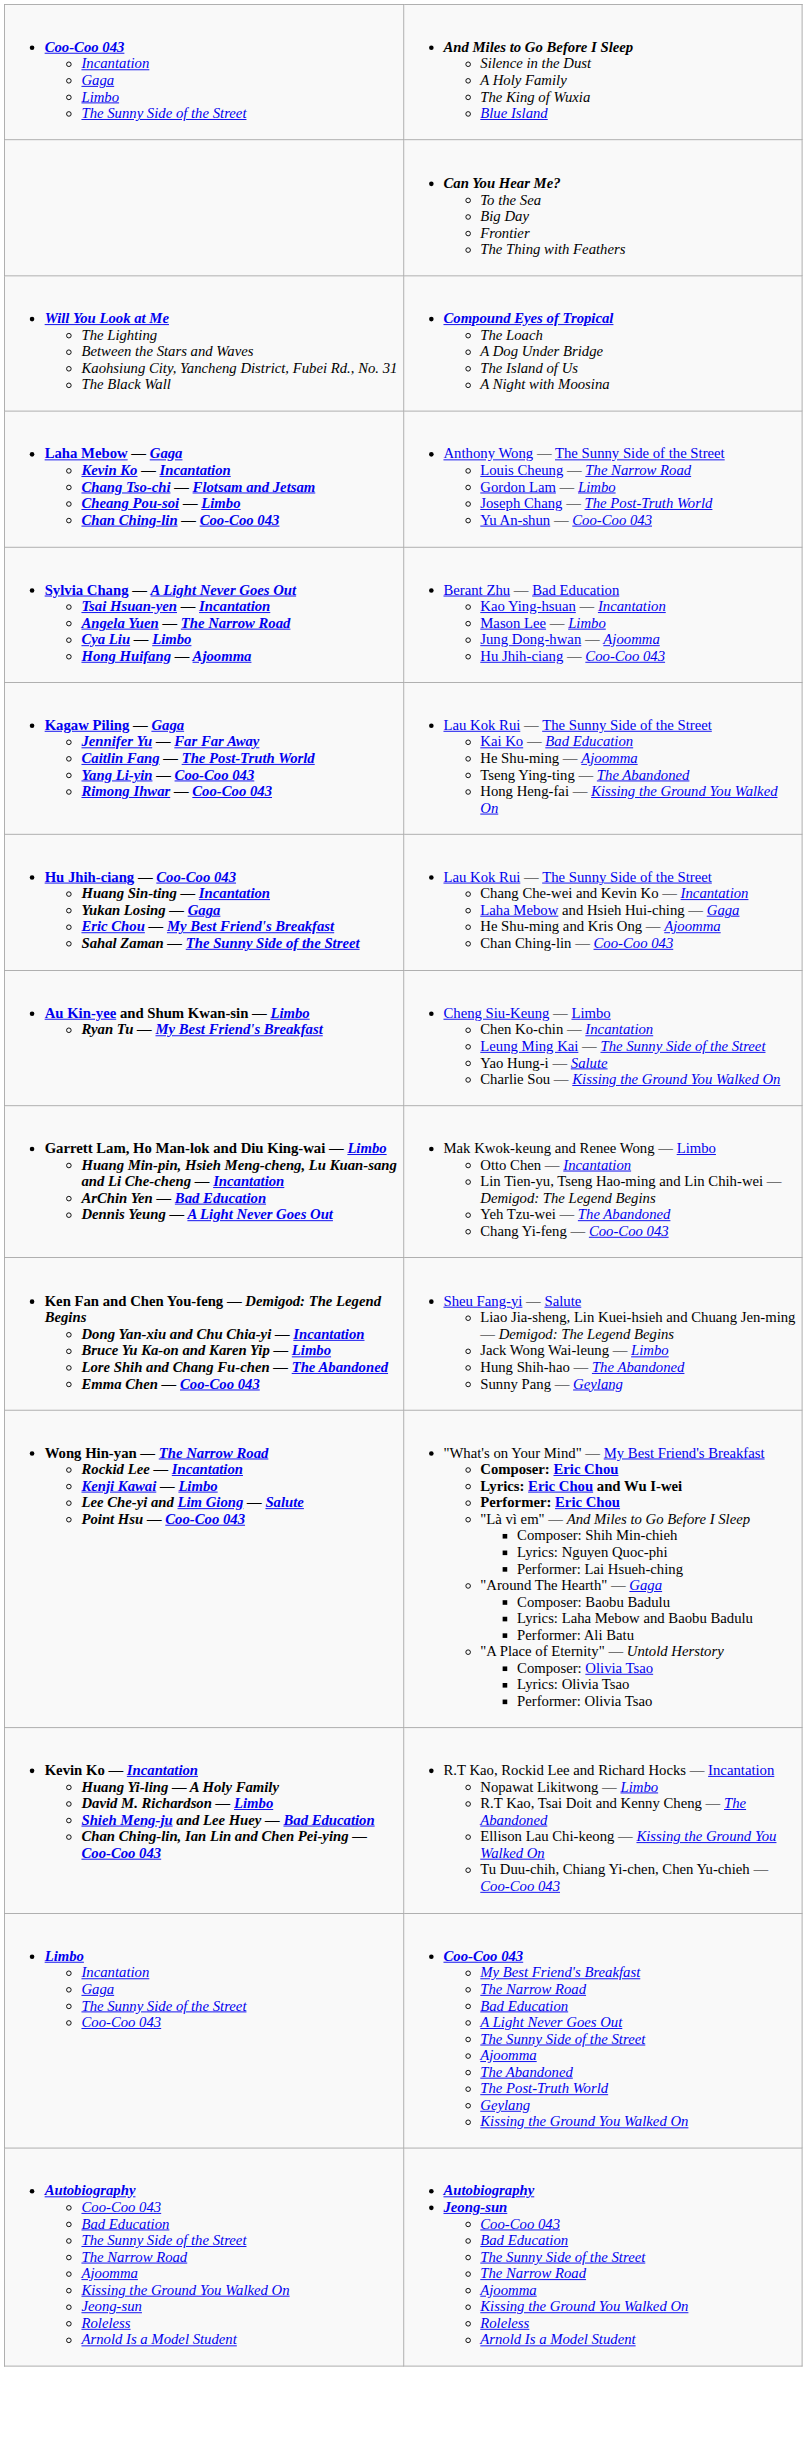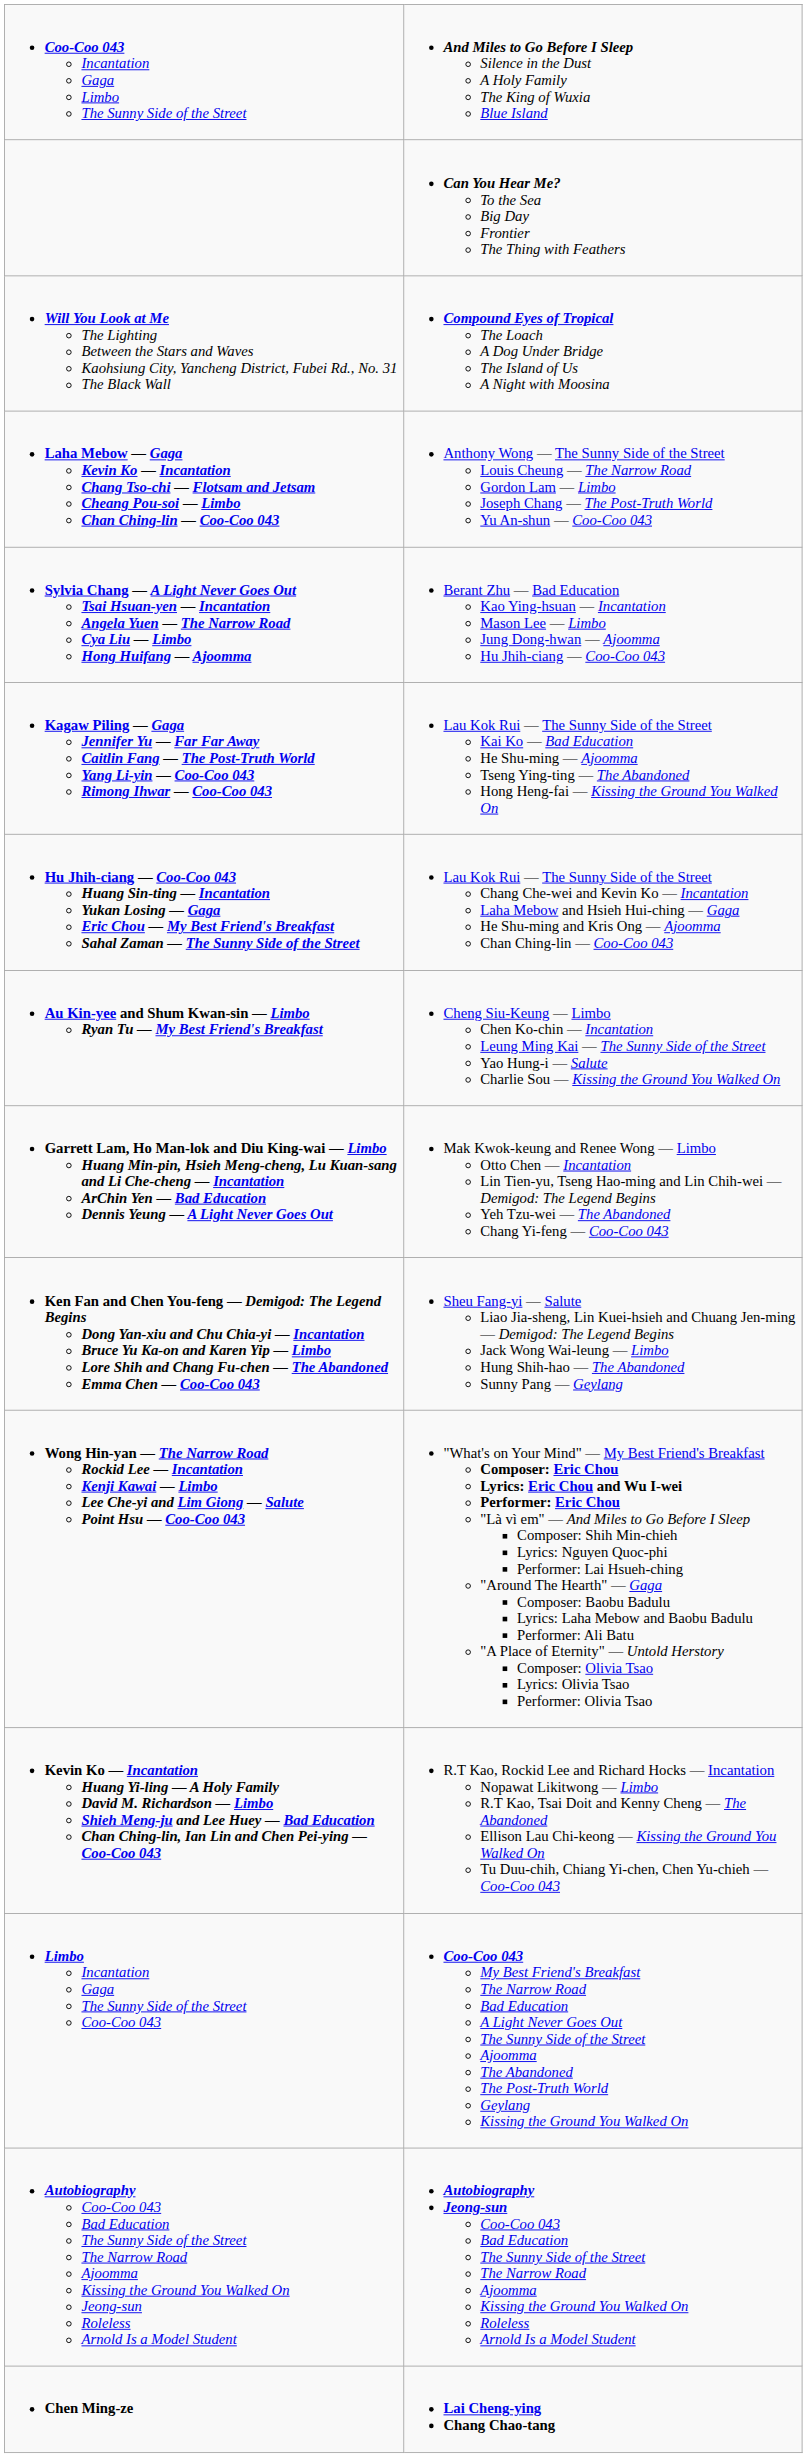 <table class=wikitable>
 <tr>
 <td valign="top" width="50%"><br><ul><li><strong><em><a href='#'>Coo-Coo 043</a></em></strong><ul><li><em><a href='#'>Incantation</a></em></li><li><em><a href='#'>Gaga</a></em></li><li><em><a href='#'>Limbo</a></em></li><li><em><a href='#'>The Sunny Side of the Street</a></em></li></ul></li></ul></td>
 <td valign="top" width="50%"><br><ul><li><strong><em>And Miles to Go Before I Sleep</em></strong><ul><li><em>Silence in the Dust</em></li><li><em>A Holy Family</em></li><li><em>The King of Wuxia</em></li><li><em><a href='#'>Blue Island</a></em></li></ul></li></ul></td>
 </tr>
 <tr>
 <td valign="top" width="50%"><br> </td>
 <td valign="top" width="50%"><br><ul><li><strong><em>Can You Hear Me?</em></strong><ul><li><em>To the Sea</em></li><li><em>Big Day</em></li><li><em>Frontier</em></li><li><em>The Thing with Feathers</em></li></ul></li></ul></td>
 </tr>
 <tr>
 <td valign="top" width="50%"><br><ul><li><strong><em><a href='#'>Will You Look at Me</a></em></strong><ul><li><em>The Lighting</em></li><li><em>Between the Stars and Waves</em></li><li><em>Kaohsiung City, Yancheng District, Fubei Rd., No. 31</em></li><li><em>The Black Wall</em></li></ul></li></ul></td>
 <td valign="top" width="50%"><br><ul><li><strong><em><a href='#'>Compound Eyes of Tropical</a></em></strong><ul><li><em>The Loach</em></li><li><em>A Dog Under Bridge</em></li><li><em>The Island of Us</em></li><li><em>A Night with Moosina</em></li></ul></li></ul></td>
 </tr>
 <tr>
 <td valign="top" width="50%"><br><ul><li><strong><a href='#'>Laha Mebow</a> — <em><a href='#'>Gaga</a><strong><em><ul><li><a href='#'>Kevin Ko</a>  — </em><a href='#'>Incantation</a><em></li><li><a href='#'>Chang Tso-chi</a> — </em><a href='#'>Flotsam and Jetsam</a><em></li><li><a href='#'>Cheang Pou-soi</a> — </em><a href='#'>Limbo</a><em></li><li><a href='#'>Chan Ching-lin</a> — </em><a href='#'>Coo-Coo 043</a><em></li></ul></li></ul></td>
 <td valign="top" width="50%"><br><ul><li></strong><a href='#'>Anthony Wong</a> — </em><a href='#'>The Sunny Side of the Street</a></em></strong><ul><li><a href='#'>Louis Cheung</a> — <em><a href='#'>The Narrow Road</a></em></li><li><a href='#'>Gordon Lam</a> — <em><a href='#'>Limbo</a></em></li><li><a href='#'>Joseph Chang</a> — <em><a href='#'>The Post-Truth World</a></em></li><li><a href='#'>Yu An-shun</a> — <em><a href='#'>Coo-Coo 043</a></em></li></ul></li></ul></td>
 </tr>
 <tr>
 <td valign="top" width="50%"><br><ul><li><strong><a href='#'>Sylvia Chang</a> — <em><a href='#'>A Light Never Goes Out</a><strong><em><ul><li><a href='#'>Tsai Hsuan-yen</a> — </em><a href='#'>Incantation</a><em></li><li><a href='#'>Angela Yuen</a> — </em><a href='#'>The Narrow Road</a><em></li><li><a href='#'>Cya Liu</a> — </em><a href='#'>Limbo</a><em></li><li><a href='#'>Hong Huifang</a> — </em><a href='#'>Ajoomma</a><em></li></ul></li></ul></td>
 <td valign="top" width="50%"><br><ul><li></strong><a href='#'>Berant Zhu</a> — </em><a href='#'>Bad Education</a></em></strong><ul><li><a href='#'>Kao Ying-hsuan</a> — <em><a href='#'>Incantation</a></em></li><li><a href='#'>Mason Lee</a> — <em><a href='#'>Limbo</a></em></li><li><a href='#'>Jung Dong-hwan</a> — <em><a href='#'>Ajoomma</a></em></li><li><a href='#'>Hu Jhih-ciang</a> — <em><a href='#'>Coo-Coo 043</a></em></li></ul></li></ul></td>
 </tr>
 <tr>
 <td valign="top" width="50%"><br><ul><li><strong><a href='#'>Kagaw Piling</a> — <em><a href='#'>Gaga</a><strong><em><ul><li><a href='#'>Jennifer Yu</a> — </em><a href='#'>Far Far Away</a><em></li><li><a href='#'>Caitlin Fang</a> — </em><a href='#'>The Post-Truth World</a><em></li><li><a href='#'>Yang Li-yin</a> — </em><a href='#'>Coo-Coo 043</a><em></li><li><a href='#'>Rimong Ihwar</a> — </em><a href='#'>Coo-Coo 043</a><em></li></ul></li></ul></td>
 <td valign="top" width="50%"><br><ul><li></strong><a href='#'>Lau Kok Rui</a> — </em><a href='#'>The Sunny Side of the Street</a></em></strong><ul><li><a href='#'>Kai Ko</a> — <em><a href='#'>Bad Education</a></em></li><li>He Shu-ming — <em><a href='#'>Ajoomma</a></em></li><li>Tseng Ying-ting — <em><a href='#'>The Abandoned</a></em></li><li>Hong Heng-fai — <em><a href='#'>Kissing the Ground You Walked On</a></em></li></ul></li></ul></td>
 </tr>
 <tr>
 <td valign="top" width="50%"><br><ul><li><strong><a href='#'>Hu Jhih-ciang</a> — <em><a href='#'>Coo-Coo 043</a><strong><em><ul><li>Huang Sin-ting — </em><a href='#'>Incantation</a><em></li><li>Yukan Losing — </em><a href='#'>Gaga</a><em></li><li><a href='#'>Eric Chou</a> — </em><a href='#'>My Best Friend's Breakfast</a><em></li><li>Sahal Zaman — </em><a href='#'>The Sunny Side of the Street</a><em></li></ul></li></ul></td>
 <td valign="top" width="50%"><br><ul><li></strong><a href='#'>Lau Kok Rui</a> — </em><a href='#'>The Sunny Side of the Street</a></em></strong><ul><li>Chang Che-wei and Kevin Ko — <em><a href='#'>Incantation</a></em></li><li><a href='#'>Laha Mebow</a> and Hsieh Hui-ching — <em><a href='#'>Gaga</a></em></li><li>He Shu-ming and Kris Ong — <em><a href='#'>Ajoomma</a></em></li><li>Chan Ching-lin — <em><a href='#'>Coo-Coo 043</a></em></li></ul></li></ul></td>
 </tr>
 <tr>
 <td valign="top" width="50%"><br><ul><li><strong><a href='#'>Au Kin-yee</a> and Shum Kwan-sin — <em><a href='#'>Limbo</a><strong><em><ul><li>Ryan Tu — </em><a href='#'>My Best Friend's Breakfast</a><em></li></ul></li></ul></td>
 <td valign="top" width="50%"><br><ul><li></strong><a href='#'>Cheng Siu-Keung</a> — </em><a href='#'>Limbo</a></em></strong><ul><li>Chen Ko-chin  — <em><a href='#'>Incantation</a></em></li><li><a href='#'>Leung Ming Kai</a> — <em><a href='#'>The Sunny Side of the Street</a></em></li><li>Yao Hung-i — <em><a href='#'>Salute</a></em></li><li>Charlie Sou — <em><a href='#'>Kissing the Ground You Walked On</a></em></li></ul></li></ul></td>
 </tr>
 <tr>
 <td valign="top" width="50%"><br><ul><li><strong>Garrett Lam, Ho Man-lok and Diu King-wai — <em><a href='#'>Limbo</a><strong><em><ul><li>Huang Min-pin, Hsieh Meng-cheng, Lu Kuan-sang and Li Che-cheng  — </em><a href='#'>Incantation</a><em></li><li>ArChin Yen — </em><a href='#'>Bad Education</a><em></li><li>Dennis Yeung — </em><a href='#'>A Light Never Goes Out</a><em></li></ul></li></ul></td>
 <td valign="top" width="50%"><br><ul><li></strong>Mak Kwok-keung and Renee Wong — </em><a href='#'>Limbo</a></em></strong><ul><li>Otto Chen — <em><a href='#'>Incantation</a></em></li><li>Lin Tien-yu, Tseng Hao-ming and Lin Chih-wei — <em>Demigod: The Legend Begins</em></li><li>Yeh Tzu-wei — <em><a href='#'>The Abandoned</a></em></li><li>Chang Yi-feng — <em><a href='#'>Coo-Coo 043</a></em></li></ul></li></ul></td>
 </tr>
 <tr>
 <td valign="top" width="50%"><br><ul><li><strong>Ken Fan and Chen You-feng — <em>Demigod: The Legend Begins<strong><em><ul><li>Dong Yan-xiu and Chu Chia-yi — </em><a href='#'>Incantation</a><em></li><li>Bruce Yu Ka-on and Karen Yip — </em><a href='#'>Limbo</a><em></li><li>Lore Shih and Chang Fu-chen — </em><a href='#'>The Abandoned</a><em></li><li>Emma Chen — </em><a href='#'>Coo-Coo 043</a><em></li></ul></li></ul></td>
 <td valign="top" width="50%"><br><ul><li></strong><a href='#'>Sheu Fang-yi</a> — </em><a href='#'>Salute</a></em></strong><ul><li>Liao Jia-sheng, Lin Kuei-hsieh and Chuang Jen-ming — <em>Demigod: The Legend Begins</em></li><li>Jack Wong Wai-leung — <em><a href='#'>Limbo</a></em></li><li>Hung Shih-hao — <em><a href='#'>The Abandoned</a></em></li><li>Sunny Pang — <em><a href='#'>Geylang</a></em></li></ul></li></ul></td>
 </tr>
 <tr>
 <td valign="top" width="50%"><br><ul><li><strong>Wong Hin-yan — <em><a href='#'>The Narrow Road</a><strong><em><ul><li>Rockid Lee — </em><a href='#'>Incantation</a><em></li><li><a href='#'>Kenji Kawai</a> — </em><a href='#'>Limbo</a><em></li><li>Lee Che-yi and <a href='#'>Lim Giong</a> — </em><a href='#'>Salute</a><em></li><li>Point Hsu — </em><a href='#'>Coo-Coo 043</a><em></li></ul></li></ul></td>
 <td valign="top" width="50%"><br><ul><li></strong>"What's on Your Mind" — </em><a href='#'>My Best Friend's Breakfast</a></em></strong><ul><li><strong>Composer: <a href='#'>Eric Chou</a></strong></li><li><strong>Lyrics: <a href='#'>Eric Chou</a> and Wu I-wei</strong></li><li><strong>Performer: <a href='#'>Eric Chou</a></strong></li><li>"Là vì em" — <em>And Miles to Go Before I Sleep</em><ul><li>Composer: Shih Min-chieh</li><li>Lyrics: Nguyen Quoc-phi</li><li>Performer: Lai Hsueh-ching</li></ul></li><li>"Around The Hearth" — <em><a href='#'>Gaga</a></em><ul><li>Composer: Baobu Badulu</li><li>Lyrics:  Laha Mebow and Baobu Badulu</li><li>Performer: Ali Batu</li></ul></li><li>"A Place of Eternity" — <em>Untold Herstory</em><ul><li>Composer: <a href='#'>Olivia Tsao</a></li><li>Lyrics: Olivia Tsao</li><li>Performer: Olivia Tsao</li></ul></li></ul></li></ul></td>
 </tr>
 <tr>
 <td valign="top" width="50%"><br><ul><li><strong>Kevin Ko — <em><a href='#'>Incantation</a><strong><em><ul><li>Huang Yi-ling — </em>A Holy Family<em></li><li>David M. Richardson — </em><a href='#'>Limbo</a><em></li><li><a href='#'>Shieh Meng-ju</a> and Lee Huey — </em><a href='#'>Bad Education</a><em></li><li>Chan Ching-lin, Ian Lin and Chen Pei-ying — </em><a href='#'>Coo-Coo 043</a><em></li></ul></li></ul></td>
 <td valign="top" width="50%"><br><ul><li></strong>R.T Kao, Rockid Lee and Richard Hocks — </em><a href='#'>Incantation</a></em></strong><ul><li>Nopawat Likitwong — <em><a href='#'>Limbo</a></em></li><li>R.T Kao, Tsai Doit and Kenny Cheng — <em><a href='#'>The Abandoned</a></em></li><li>Ellison Lau Chi-keong — <em><a href='#'>Kissing the Ground You Walked On</a></em></li><li>Tu Duu-chih, Chiang Yi-chen, Chen Yu-chieh — <em><a href='#'>Coo-Coo 043</a></em></li></ul></li></ul></td>
 </tr>
 <tr>
 <td valign="top" width="50%"><br><ul><li><strong><em><a href='#'>Limbo</a></em></strong><ul><li><em><a href='#'>Incantation</a></em></li><li><em><a href='#'>Gaga</a></em></li><li><em><a href='#'>The Sunny Side of the Street</a></em></li><li><em><a href='#'>Coo-Coo 043</a></em></li></ul></li></ul></td>
 <td valign="top" width="50%"><br><ul><li><strong><em><a href='#'>Coo-Coo 043</a></em></strong><ul><li><em><a href='#'>My Best Friend's Breakfast</a></em></li><li><em><a href='#'>The Narrow Road</a></em></li><li><em><a href='#'>Bad Education</a></em></li><li><em><a href='#'>A Light Never Goes Out</a></em></li><li><em><a href='#'>The Sunny Side of the Street</a></em></li><li><em><a href='#'>Ajoomma</a></em></li><li><em><a href='#'>The Abandoned</a></em></li><li><em><a href='#'>The Post-Truth World</a></em></li><li><em><a href='#'>Geylang</a></em></li><li><em><a href='#'>Kissing the Ground You Walked On</a></em></li></ul></li></ul></td>
 </tr>
 <tr>
 <td valign="top" width="50%"><br><ul><li><strong><em><a href='#'>Autobiography</a></em></strong><ul><li><em><a href='#'>Coo-Coo 043</a></em></li><li><em><a href='#'>Bad Education</a></em></li><li><em><a href='#'>The Sunny Side of the Street</a></em></li><li><em><a href='#'>The Narrow Road</a></em></li><li><em><a href='#'>Ajoomma</a></em></li><li><em><a href='#'>Kissing the Ground You Walked On</a></em></li><li><em><a href='#'>Jeong-sun</a></em></li><li><em><a href='#'>Roleless</a></em></li><li><em><a href='#'>Arnold Is a Model Student</a></em></li></ul></li></ul></td>
 <td valign="top" width="50%"><br><ul><li><strong><em><a href='#'>Autobiography</a></em></strong></li><li><strong><em><a href='#'>Jeong-sun</a></em></strong><ul><li><em><a href='#'>Coo-Coo 043</a></em></li><li><em><a href='#'>Bad Education</a></em></li><li><em><a href='#'>The Sunny Side of the Street</a></em></li><li><em><a href='#'>The Narrow Road</a></em></li><li><em><a href='#'>Ajoomma</a></em></li><li><em><a href='#'>Kissing the Ground You Walked On</a></em></li><li><em><a href='#'>Roleless</a></em></li><li><em><a href='#'>Arnold Is a Model Student</a></em></li></ul></li></ul></td>
 </tr>
+<tr>
+<td valign="top" width="50%"><br><ul><li><strong>Chen Ming-ze</strong></li></ul></td>
+<td valign="top" width="50%"><br><ul><li><strong><a href='#'>Lai Cheng-ying</a></strong></li><li><strong>Chang Chao-tang</strong></li></ul></td>
+</tr>
 </table>
